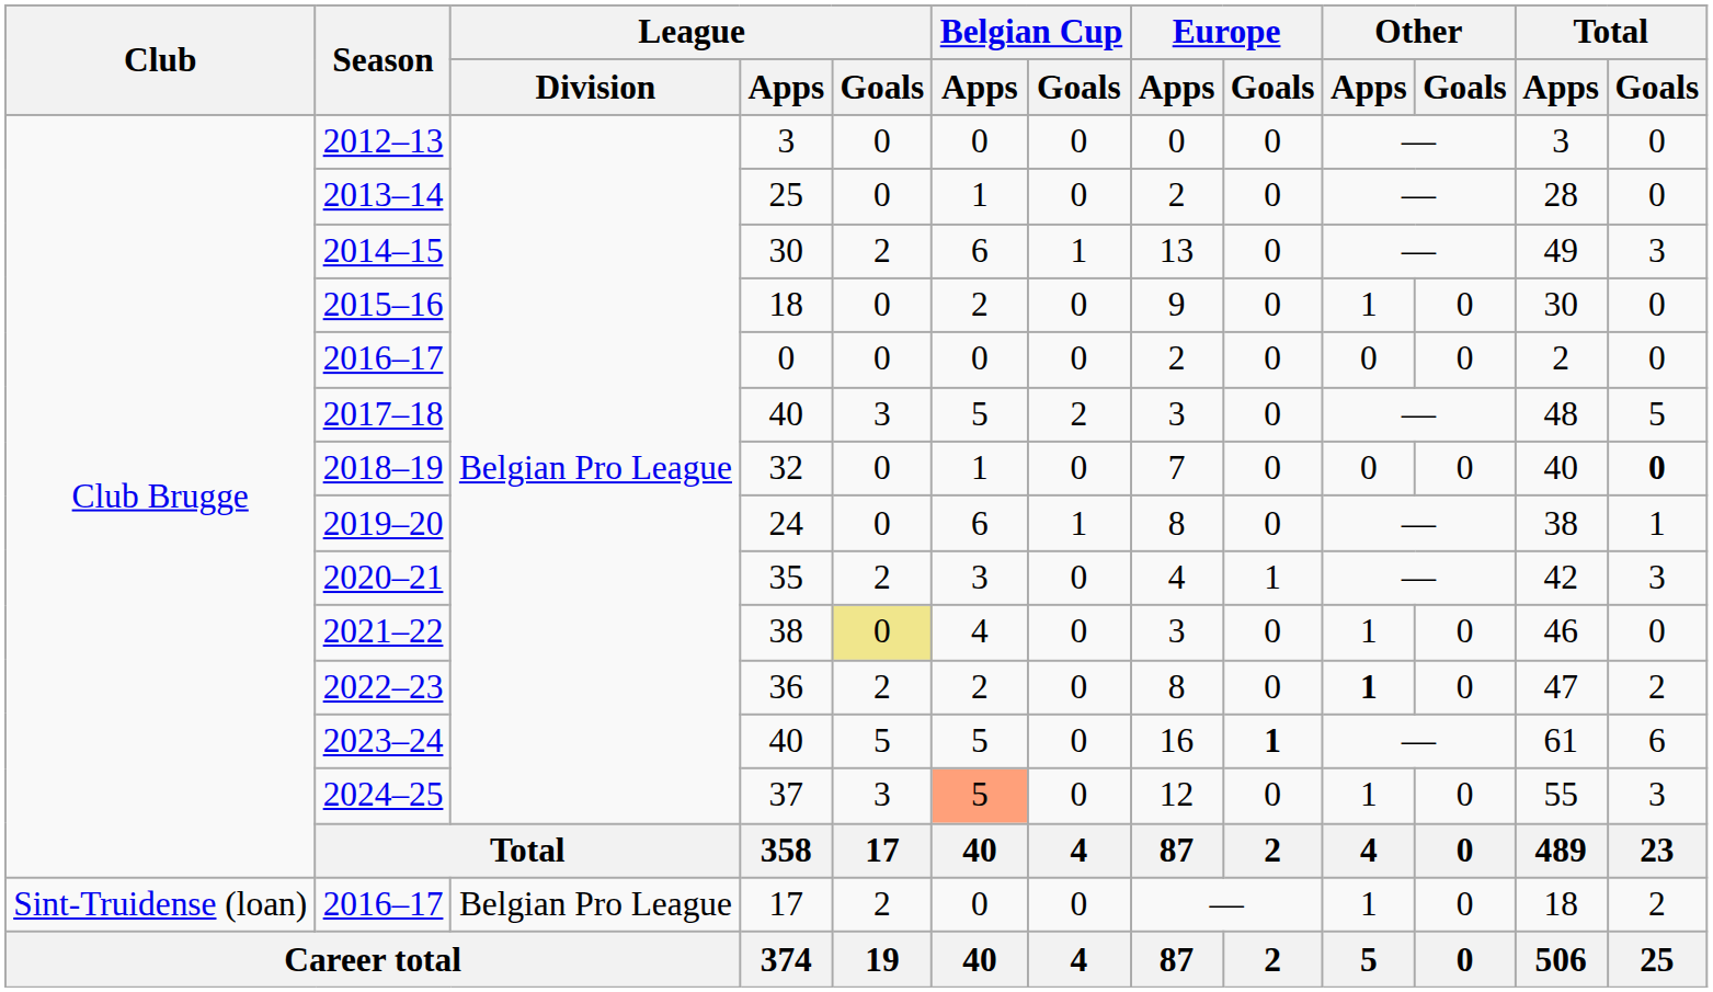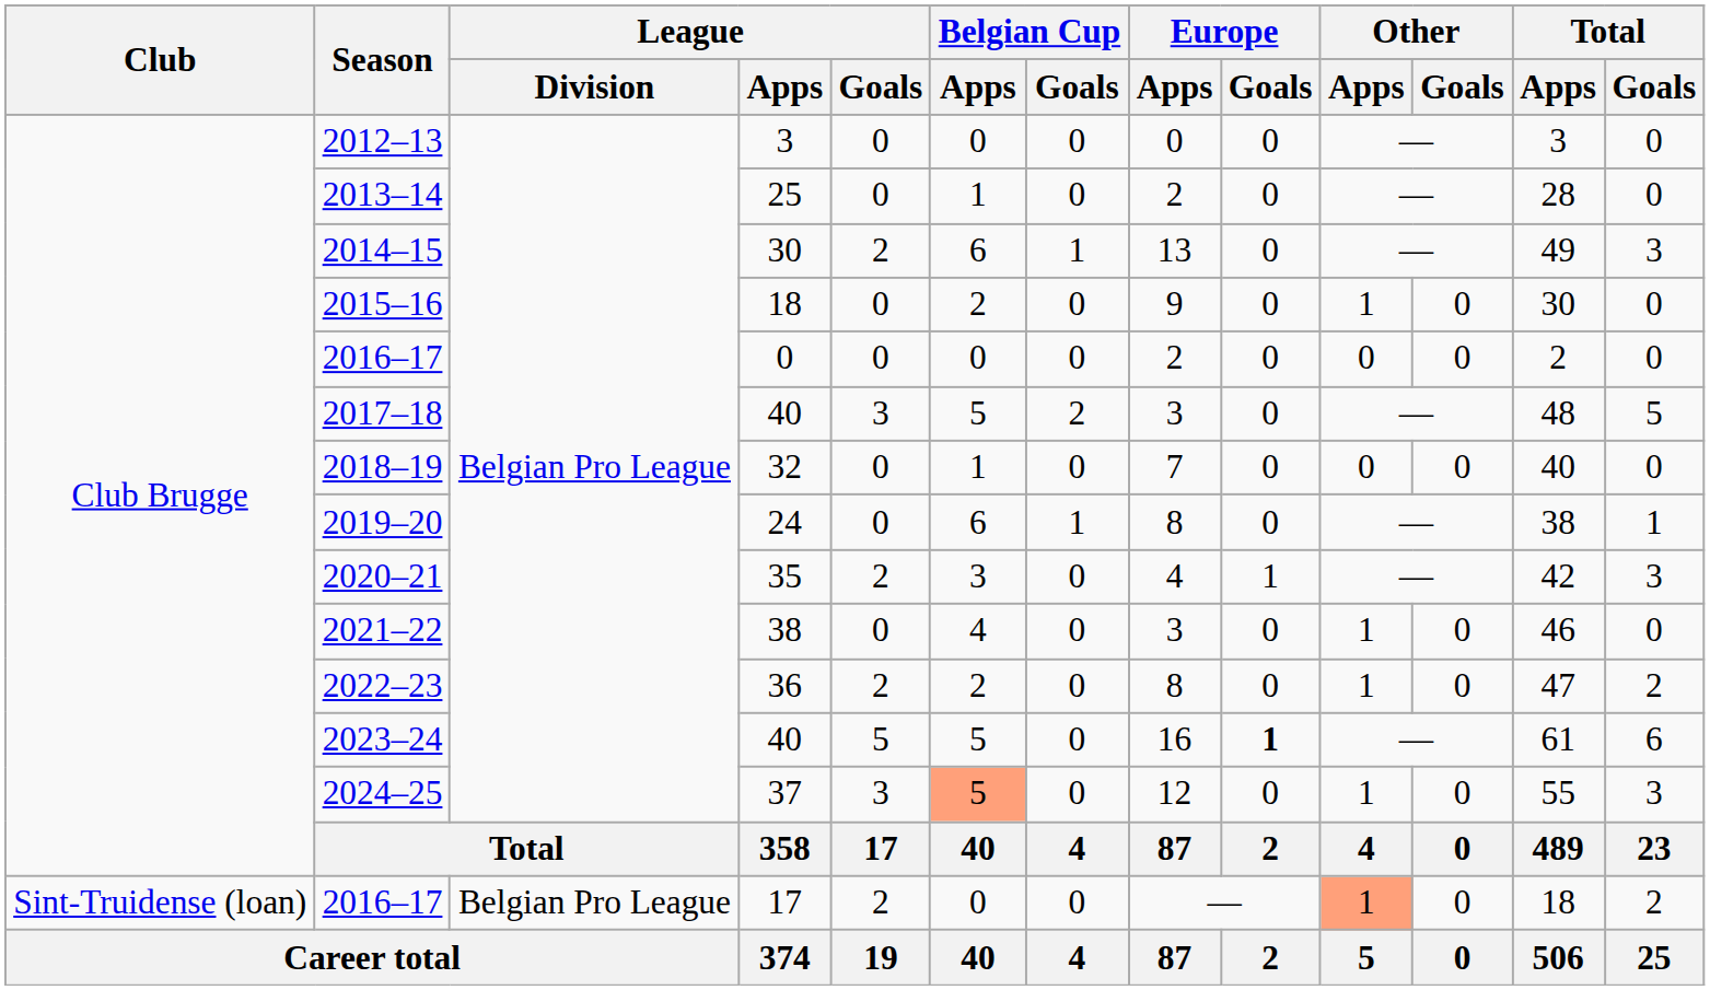 <table class="wikitable" style="text-align:center">
 <tr>
 <th rowspan="2">Club</th>
 <th rowspan="2">Season</th>
 <th colspan="3">League</th>
 <th colspan="2"><a href='#'>Belgian Cup</a></th>
 <th colspan="2"><a href='#'>Europe</a></th>
 <th colspan="2">Other</th>
 <th colspan="2">Total</th>
 </tr>
 <tr>
 <th>Division</th>
 <th>Apps</th>
 <th>Goals</th>
 <th>Apps</th>
 <th>Goals</th>
 <th>Apps</th>
 <th>Goals</th>
 <th>Apps</th>
 <th>Goals</th>
 <th>Apps</th>
 <th>Goals</th>
 </tr>
 <tr>
 <td rowspan="14"><a href='#'>Club Brugge</a></td>
 <td><a href='#'>2012–13</a></td>
 <td rowspan="13"><a href='#'>Belgian Pro League</a></td>
 <td>3</td>
 <td>0</td>
 <td>0</td>
 <td>0</td>
 <td>0</td>
 <td>0</td>
 <td colspan="2">—</td>
 <td>3</td>
 <td>0</td>
 </tr>
 <tr>
 <td><a href='#'>2013–14</a></td>
 <td>25</td>
 <td>0</td>
 <td>1</td>
 <td>0</td>
 <td>2</td>
 <td>0</td>
 <td colspan="2">—</td>
 <td>28</td>
 <td>0</td>
 </tr>
 <tr>
 <td><a href='#'>2014–15</a></td>
 <td>30</td>
 <td>2</td>
 <td>6</td>
 <td>1</td>
 <td>13</td>
 <td>0</td>
 <td colspan="2">—</td>
 <td>49</td>
 <td>3</td>
 </tr>
 <tr>
 <td><a href='#'>2015–16</a></td>
 <td>18</td>
 <td>0</td>
 <td>2</td>
 <td>0</td>
 <td>9</td>
 <td>0</td>
 <td>1</td>
 <td>0</td>
 <td>30</td>
 <td>0</td>
 </tr>
 <tr>
 <td><a href='#'>2016–17</a></td>
 <td>0</td>
 <td>0</td>
 <td>0</td>
 <td>0</td>
 <td>2</td>
 <td>0</td>
 <td>0</td>
 <td>0</td>
 <td>2</td>
 <td>0</td>
 </tr>
 <tr>
 <td><a href='#'>2017–18</a></td>
 <td>40</td>
 <td>3</td>
 <td>5</td>
 <td>2</td>
 <td>3</td>
 <td>0</td>
 <td colspan="2">—</td>
 <td>48</td>
 <td>5</td>
 </tr>
 <tr>
 <td><a href='#'>2018–19</a></td>
 <td>32</td>
 <td>0</td>
 <td>1</td>
 <td>0</td>
 <td>7</td>
 <td>0</td>
 <td>0</td>
 <td>0</td>
 <td>40</td>
-<td><strong>0</strong></td>
+<td>0</td>
 </tr>
 <tr>
 <td><a href='#'>2019–20</a></td>
 <td>24</td>
 <td>0</td>
 <td>6</td>
 <td>1</td>
 <td>8</td>
 <td>0</td>
 <td colspan="2">—</td>
 <td>38</td>
 <td>1</td>
 </tr>
 <tr>
 <td><a href='#'>2020–21</a></td>
 <td>35</td>
 <td>2</td>
 <td>3</td>
 <td>0</td>
 <td>4</td>
 <td>1</td>
 <td colspan="2">—</td>
 <td>42</td>
 <td>3</td>
 </tr>
 <tr>
 <td><a href='#'>2021–22</a></td>
 <td>38</td>
-<td style="background: khaki;">0</td>
+<td>0</td>
 <td>4</td>
 <td>0</td>
 <td>3</td>
 <td>0</td>
 <td>1</td>
 <td>0</td>
 <td>46</td>
 <td>0</td>
 </tr>
 <tr>
 <td><a href='#'>2022–23</a></td>
 <td>36</td>
 <td>2</td>
 <td>2</td>
 <td>0</td>
 <td>8</td>
 <td>0</td>
-<td><strong>1</strong></td>
+<td>1</td>
 <td>0</td>
 <td>47</td>
 <td>2</td>
 </tr>
 <tr>
 <td><a href='#'>2023–24</a></td>
 <td>40</td>
 <td>5</td>
 <td>5</td>
 <td>0</td>
 <td>16</td>
 <td><strong>1</strong></td>
 <td colspan="2">—</td>
 <td>61</td>
 <td>6</td>
 </tr>
 <tr>
 <td><a href='#'>2024–25</a></td>
 <td>37</td>
 <td>3</td>
 <td style="background: lightsalmon;">5</td>
 <td>0</td>
 <td>12</td>
 <td>0</td>
 <td>1</td>
 <td>0</td>
 <td>55</td>
 <td>3</td>
 </tr>
 <tr>
 <th colspan="2">Total</th>
 <th>358</th>
 <th>17</th>
 <th>40</th>
 <th>4</th>
 <th>87</th>
 <th>2</th>
 <th>4</th>
 <th>0</th>
 <th>489</th>
 <th>23</th>
 </tr>
 <tr>
 <td><a href='#'>Sint-Truidense</a> (loan)</td>
 <td><a href='#'>2016–17</a></td>
 <td>Belgian Pro League</td>
 <td>17</td>
 <td>2</td>
 <td>0</td>
 <td>0</td>
 <td colspan="2">—</td>
-<td>1</td>
+<td style="background: lightsalmon;">1</td>
 <td>0</td>
 <td>18</td>
 <td>2</td>
 </tr>
 <tr>
 <th colspan="3">Career total</th>
 <th>374</th>
 <th>19</th>
 <th>40</th>
 <th>4</th>
 <th>87</th>
 <th>2</th>
 <th>5</th>
 <th>0</th>
 <th>506</th>
 <th>25</th>
 </tr>
 </table>
